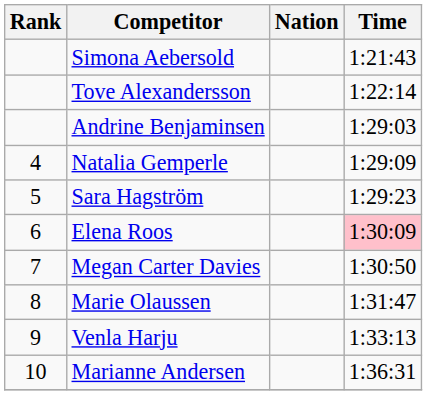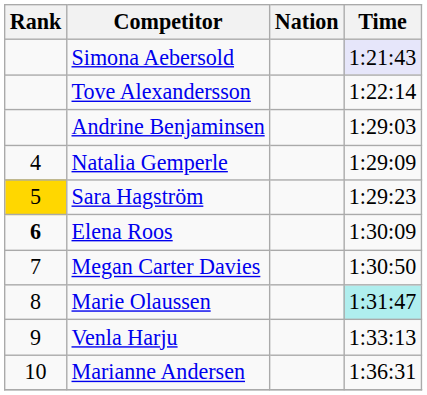 <table class="wikitable sortable" style="text-align:left">
 <tr>
 <th data-sort-type="number">Rank</th>
 <th class="unsortable">Competitor</th>
 <th>Nation</th>
 <th>Time</th>
 </tr>
 <tr>
 <td style="text-align:center"></td>
 <td><a href='#'>Simona Aebersold</a></td>
 <td></td>
-<td style="text-align:right">1:21:43</td>
+<td style="background: lavender; text-align:right">1:21:43</td>
 </tr>
 <tr>
 <td style="text-align:center"></td>
 <td><a href='#'>Tove Alexandersson</a></td>
 <td></td>
 <td style="text-align:right">1:22:14</td>
 </tr>
 <tr>
 <td style="text-align:center"></td>
 <td><a href='#'>Andrine Benjaminsen</a></td>
 <td></td>
 <td style="text-align:right">1:29:03</td>
 </tr>
 <tr>
 <td style="text-align:center">4</td>
 <td><a href='#'>Natalia Gemperle</a></td>
 <td></td>
 <td style="text-align:right">1:29:09</td>
 </tr>
 <tr>
-<td style="text-align:center">5</td>
+<td style="background: gold; text-align:center">5</td>
 <td><a href='#'>Sara Hagström</a></td>
 <td></td>
 <td style="text-align:right">1:29:23</td>
 </tr>
 <tr>
-<td style="text-align:center">6</td>
+<td style="text-align:center"><strong>6</strong></td>
 <td><a href='#'>Elena Roos</a></td>
 <td></td>
-<td style="background: pink; text-align:right">1:30:09</td>
+<td style="text-align:right">1:30:09</td>
 </tr>
 <tr>
 <td style="text-align:center">7</td>
 <td><a href='#'>Megan Carter Davies</a></td>
 <td></td>
 <td style="text-align:right">1:30:50</td>
 </tr>
 <tr>
 <td style="text-align:center">8</td>
 <td><a href='#'>Marie Olaussen</a></td>
 <td></td>
-<td style="text-align:right">1:31:47</td>
+<td style="background: paleturquoise; text-align:right">1:31:47</td>
 </tr>
 <tr>
 <td style="text-align:center">9</td>
 <td><a href='#'>Venla Harju</a></td>
 <td></td>
 <td style="text-align:right">1:33:13</td>
 </tr>
 <tr>
 <td style="text-align:center">10</td>
 <td><a href='#'>Marianne Andersen</a></td>
 <td></td>
 <td style="text-align:right">1:36:31</td>
 </tr>
 <tr>
 </tr>
 </table>
